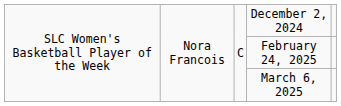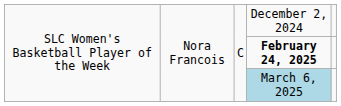 <table class="wikitable" style="width: 60%;text-align: center;">
 <tr align="center">
 <td rowspan="3">SLC Women's Basketball Player of the Week</td>
 <td rowspan="3">Nora Francois</td>
 <td rowspan="3">C</td>
 <td>December 2, 2024</td>
 <td></td>
 </tr>
 <tr align="center">
-<td>February 24, 2025</td>
+<td><strong>February 24, 2025</strong></td>
 <td></td>
 </tr>
 <tr align="center">
-<td>March 6, 2025</td>
+<td style="background: lightblue;">March 6, 2025</td>
 <td></td>
 </tr>
 </table>
